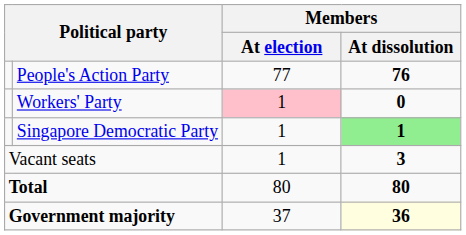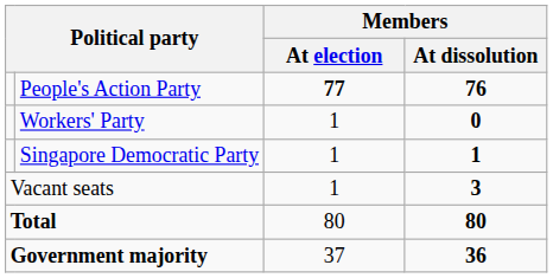 <table class="wikitable" border="1">
 <tr>
 <th rowspan="2" colspan="2">Political party</th>
 <th colspan="2">Members</th>
 </tr>
 <tr>
 <th width="100px">At <a href='#'>election</a></th>
 <th width="100px">At dissolution</th>
 </tr>
 <tr>
 <td></td>
 <td scope="row"><a href='#'>People's Action Party</a></td>
-<td align="center">77</td>
+<td align="center"><strong>77</strong></td>
 <td align="center"><strong>76</strong></td>
 </tr>
 <tr>
 <td></td>
 <td scope="row"><a href='#'>Workers' Party</a></td>
-<td align="center" style="background: pink;">1</td>
+<td align="center">1</td>
 <td align="center"><strong>0</strong></td>
 </tr>
 <tr>
 <td></td>
 <td><a href='#'>Singapore Democratic Party</a></td>
 <td align="center">1</td>
-<td align="center" style="background: lightgreen;"><strong>1</strong></td>
+<td align="center"><strong>1</strong></td>
 </tr>
 <tr>
 <td width="100px" colspan="2">Vacant seats</td>
 <td align="center">1</td>
 <td align="center"><strong>3</strong></td>
 </tr>
 <tr>
 <td width="100px" colspan="2"><strong>Total</strong></td>
 <td align="center">80</td>
 <td align="center"><strong>80</strong></td>
 </tr>
 <tr>
 <td width="100px" colspan="2"><strong>Government majority</strong></td>
 <td align="center">37</td>
-<td align="center" style="background: lightyellow;"><strong>36</strong></td>
+<td align="center"><strong>36</strong></td>
 </tr>
 </table>
